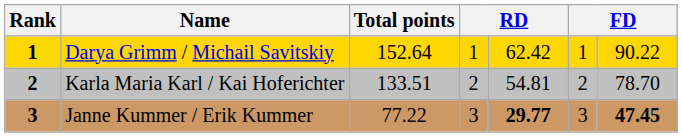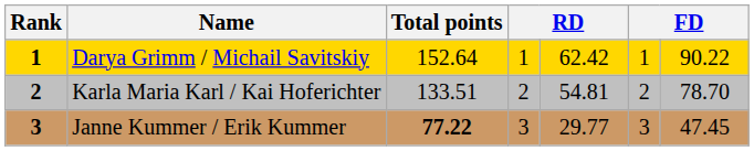 <table class="wikitable sortable">
 <tr>
 <th>Rank</th>
 <th>Name</th>
 <th>Total points</th>
 <th colspan="2" width="80px"><a href='#'>RD</a></th>
 <th colspan="2" width="80px"><a href='#'>FD</a></th>
 </tr>
 <tr bgcolor="gold">
 <td align="center"><strong>1</strong></td>
 <td><a href='#'>Darya Grimm</a> / <a href='#'>Michail Savitskiy</a></td>
 <td align="center">152.64</td>
 <td align="center">1</td>
 <td align="center">62.42</td>
 <td align="center">1</td>
 <td align="center">90.22</td>
 </tr>
 <tr bgcolor="silver">
 <td align="center"><strong>2</strong></td>
 <td>Karla Maria Karl / Kai Hoferichter</td>
 <td align="center">133.51</td>
 <td align="center">2</td>
 <td align="center">54.81</td>
 <td align="center">2</td>
 <td align="center">78.70</td>
 </tr>
 <tr bgcolor="cc9966">
 <td align="center"><strong>3</strong></td>
 <td>Janne Kummer / Erik Kummer</td>
-<td align="center">77.22</td>
+<td align="center"><strong>77.22</strong></td>
 <td align="center">3</td>
-<td align="center"><strong>29.77</strong></td>
+<td align="center">29.77</td>
 <td align="center">3</td>
-<td align="center"><strong>47.45</strong></td>
+<td align="center">47.45</td>
 </tr>
 </table>
